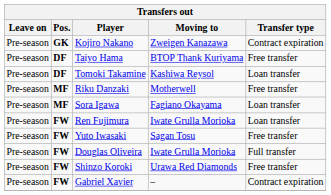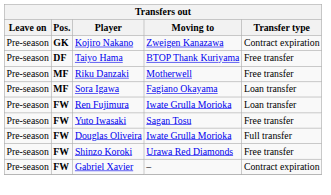 <table class="wikitable sortable" style=“text-align:left;>
 <tr>
 <th colspan="5">Transfers out</th>
 </tr>
 <tr>
 <th>Leave on</th>
 <th>Pos.</th>
 <th>Player</th>
 <th>Moving to</th>
 <th>Transfer type</th>
 </tr>
 <tr>
 <td>Pre-season</td>
 <td><strong>GK</strong></td>
 <td> <a href='#'>Kojiro Nakano</a></td>
 <td> <a href='#'>Zweigen Kanazawa</a></td>
 <td>Contract expiration</td>
 </tr>
 <tr>
 <td>Pre-season</td>
 <td><strong>DF</strong></td>
 <td> <a href='#'>Taiyo Hama</a></td>
 <td> <a href='#'>BTOP Thank Kuriyama</a></td>
 <td>Free transfer</td>
-</tr>
-<tr>
-<td>Pre-season</td>
-<td><strong>DF</strong></td>
-<td> <a href='#'>Tomoki Takamine</a></td>
-<td> <a href='#'>Kashiwa Reysol</a></td>
-<td>Loan transfer</td>
 </tr>
 <tr>
 <td>Pre-season</td>
 <td><strong>MF</strong></td>
 <td> <a href='#'>Riku Danzaki</a></td>
 <td> <a href='#'>Motherwell</a></td>
 <td>Free transfer</td>
 </tr>
 <tr>
 <td>Pre-season</td>
 <td><strong>MF</strong></td>
 <td> <a href='#'>Sora Igawa</a></td>
 <td> <a href='#'>Fagiano Okayama</a></td>
 <td>Loan transfer</td>
 </tr>
 <tr>
 <td>Pre-season</td>
 <td><strong>FW</strong></td>
 <td> <a href='#'>Ren Fujimura</a></td>
 <td> <a href='#'>Iwate Grulla Morioka</a></td>
 <td>Loan transfer</td>
 </tr>
 <tr>
 <td>Pre-season</td>
 <td><strong>FW</strong></td>
 <td> <a href='#'>Yuto Iwasaki</a></td>
 <td> <a href='#'>Sagan Tosu</a></td>
 <td>Free transfer</td>
 </tr>
 <tr>
 <td>Pre-season</td>
 <td><strong>FW</strong></td>
 <td> <a href='#'>Douglas Oliveira</a></td>
 <td> <a href='#'>Iwate Grulla Morioka</a></td>
 <td>Full transfer</td>
 </tr>
 <tr>
 <td>Pre-season</td>
 <td><strong>FW</strong></td>
 <td> <a href='#'>Shinzo Koroki</a></td>
 <td> <a href='#'>Urawa Red Diamonds</a></td>
 <td>Free transfer</td>
 </tr>
 <tr>
 <td>Pre-season</td>
 <td><strong>FW</strong></td>
 <td> <a href='#'>Gabriel Xavier</a></td>
 <td>–</td>
 <td>Contract expiration</td>
 </tr>
 <tr>
 </tr>
 </table>
